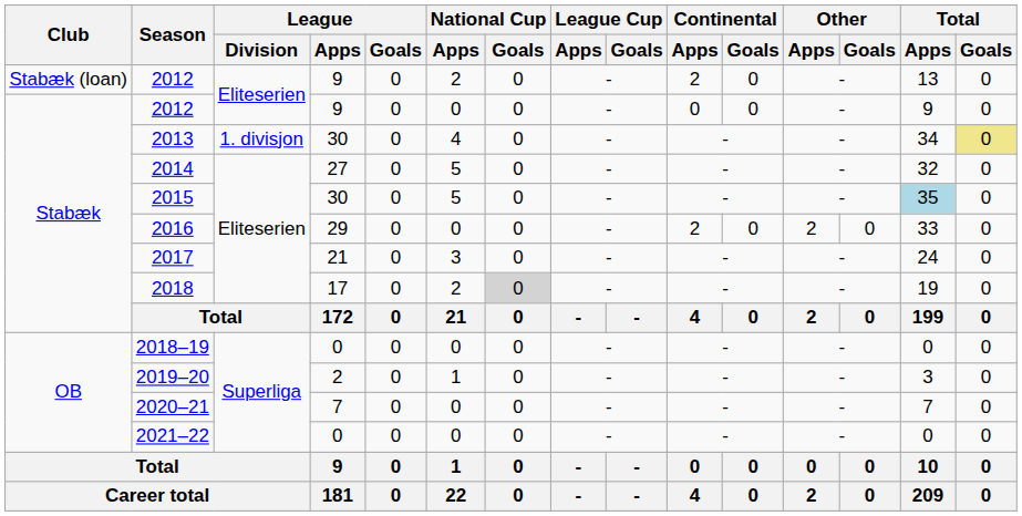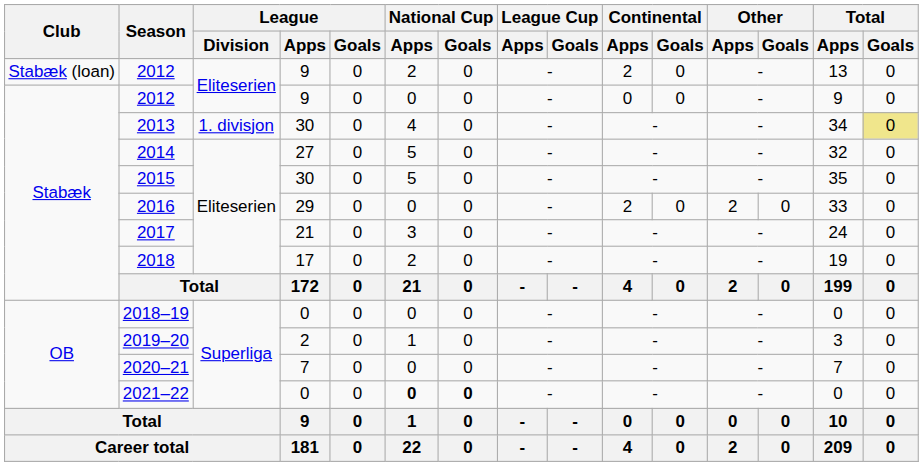 <table class="wikitable" style="text-align: center">
 <tr>
 <th rowspan="2">Club</th>
 <th rowspan="2">Season</th>
 <th colspan="3">League</th>
 <th colspan="2">National Cup</th>
 <th colspan="2">League Cup</th>
 <th colspan="2">Continental</th>
 <th colspan="2">Other</th>
 <th colspan="2">Total</th>
 </tr>
 <tr>
 <th>Division</th>
 <th>Apps</th>
 <th>Goals</th>
 <th>Apps</th>
 <th>Goals</th>
 <th>Apps</th>
 <th>Goals</th>
 <th>Apps</th>
 <th>Goals</th>
 <th>Apps</th>
 <th>Goals</th>
 <th>Apps</th>
 <th>Goals</th>
 </tr>
 <tr>
 <td><a href='#'>Stabæk</a> (loan)</td>
 <td><a href='#'>2012</a></td>
 <td rowspan="2"><a href='#'>Eliteserien</a></td>
 <td>9</td>
 <td>0</td>
 <td>2</td>
 <td>0</td>
 <td colspan="2">-</td>
 <td>2</td>
 <td>0</td>
 <td colspan="2">-</td>
 <td>13</td>
 <td>0</td>
 </tr>
 <tr>
 <td rowspan="8"><a href='#'>Stabæk</a></td>
 <td><a href='#'>2012</a></td>
 <td>9</td>
 <td>0</td>
 <td>0</td>
 <td>0</td>
 <td colspan="2">-</td>
 <td>0</td>
 <td>0</td>
 <td colspan="2">-</td>
 <td>9</td>
 <td>0</td>
 </tr>
 <tr>
 <td><a href='#'>2013</a></td>
 <td rowspan="1"><a href='#'>1. divisjon</a></td>
 <td>30</td>
 <td>0</td>
 <td>4</td>
 <td>0</td>
 <td colspan="2">-</td>
 <td colspan="2">-</td>
 <td colspan="2">-</td>
 <td>34</td>
 <td style="background: khaki;">0</td>
 </tr>
 <tr>
 <td><a href='#'>2014</a></td>
 <td rowspan="5">Eliteserien</td>
 <td>27</td>
 <td>0</td>
 <td>5</td>
 <td>0</td>
 <td colspan="2">-</td>
 <td colspan="2">-</td>
 <td colspan="2">-</td>
 <td>32</td>
 <td>0</td>
 </tr>
 <tr>
 <td><a href='#'>2015</a></td>
 <td>30</td>
 <td>0</td>
 <td>5</td>
 <td>0</td>
 <td colspan="2">-</td>
 <td colspan="2">-</td>
 <td colspan="2">-</td>
-<td style="background: lightblue;">35</td>
+<td>35</td>
 <td>0</td>
 </tr>
 <tr>
 <td><a href='#'>2016</a></td>
 <td>29</td>
 <td>0</td>
 <td>0</td>
 <td>0</td>
 <td colspan="2">-</td>
 <td>2</td>
 <td>0</td>
 <td>2</td>
 <td>0</td>
 <td>33</td>
 <td>0</td>
 </tr>
 <tr>
 <td><a href='#'>2017</a></td>
 <td>21</td>
 <td>0</td>
 <td>3</td>
 <td>0</td>
 <td colspan="2">-</td>
 <td colspan="2">-</td>
 <td colspan="2">-</td>
 <td>24</td>
 <td>0</td>
 </tr>
 <tr>
 <td><a href='#'>2018</a></td>
 <td>17</td>
 <td>0</td>
 <td>2</td>
-<td style="background: lightgrey;">0</td>
+<td>0</td>
 <td colspan="2">-</td>
 <td colspan="2">-</td>
 <td colspan="2">-</td>
 <td>19</td>
 <td>0</td>
 </tr>
 <tr>
 <th colspan="2">Total</th>
 <th>172</th>
 <th>0</th>
 <th>21</th>
 <th>0</th>
 <th>-</th>
 <th>-</th>
 <th>4</th>
 <th>0</th>
 <th>2</th>
 <th>0</th>
 <th>199</th>
 <th>0</th>
 </tr>
 <tr>
 <td rowspan="4"><a href='#'>OB</a></td>
 <td><a href='#'>2018–19</a></td>
 <td rowspan="4"><a href='#'>Superliga</a></td>
 <td>0</td>
 <td>0</td>
 <td>0</td>
 <td>0</td>
 <td colspan="2">-</td>
 <td colspan="2">-</td>
 <td colspan="2">-</td>
 <td>0</td>
 <td>0</td>
 </tr>
 <tr>
 <td><a href='#'>2019–20</a></td>
 <td>2</td>
 <td>0</td>
 <td>1</td>
 <td>0</td>
 <td colspan="2">-</td>
 <td colspan="2">-</td>
 <td colspan="2">-</td>
 <td>3</td>
 <td>0</td>
 </tr>
 <tr>
 <td><a href='#'>2020–21</a></td>
 <td>7</td>
 <td>0</td>
 <td>0</td>
 <td>0</td>
 <td colspan="2">-</td>
 <td colspan="2">-</td>
 <td colspan="2">-</td>
 <td>7</td>
 <td>0</td>
 </tr>
 <tr>
 <td><a href='#'>2021–22</a></td>
 <td>0</td>
 <td>0</td>
-<td>0</td>
-<td>0</td>
+<td><strong>0</strong></td>
+<td><strong>0</strong></td>
 <td colspan="2">-</td>
 <td colspan="2">-</td>
 <td colspan="2">-</td>
 <td>0</td>
 <td>0</td>
 </tr>
 <tr>
 <th colspan="3">Total</th>
 <th>9</th>
 <th>0</th>
 <th>1</th>
 <th>0</th>
 <th>-</th>
 <th>-</th>
 <th>0</th>
 <th>0</th>
 <th>0</th>
 <th>0</th>
 <th>10</th>
 <th>0</th>
 </tr>
 <tr>
 <th colspan="3">Career total</th>
 <th>181</th>
 <th>0</th>
 <th>22</th>
 <th>0</th>
 <th>-</th>
 <th>-</th>
 <th>4</th>
 <th>0</th>
 <th>2</th>
 <th>0</th>
 <th>209</th>
 <th>0</th>
 </tr>
 </table>
